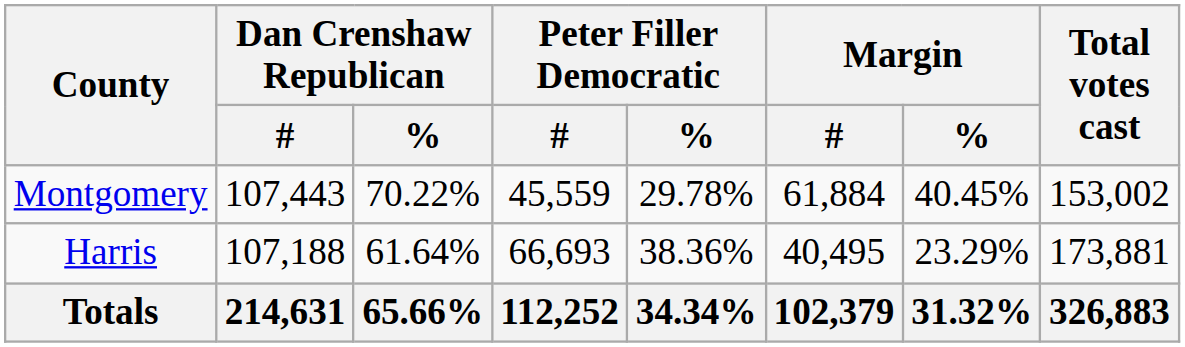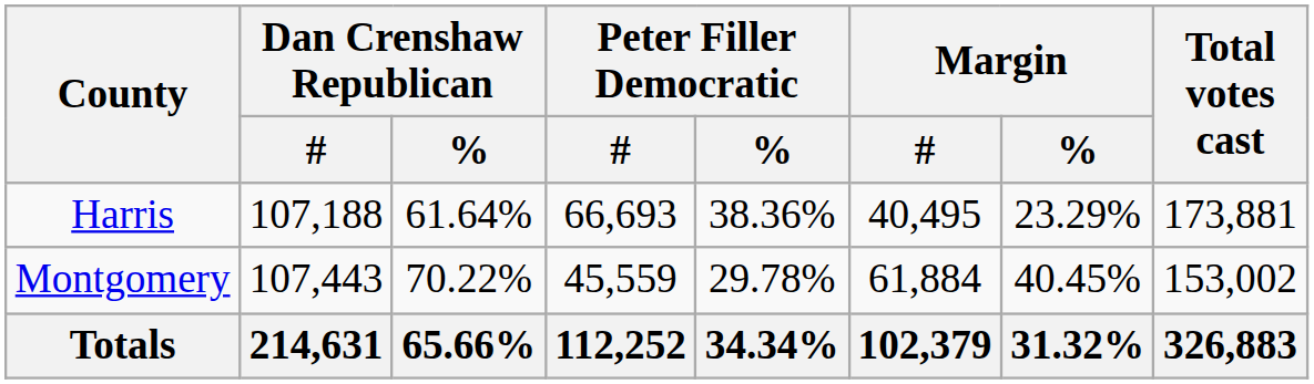 <table width="60%"  class="wikitable sortable" style="text-align:center">
 <tr>
 <th rowspan="2">County</th>
 <th style="text-align:center;" colspan="2">Dan Crenshaw<br>Republican</th>
 <th style="text-align:center;" colspan="2">Peter Filler<br>Democratic</th>
 <th style="text-align:center;" colspan="2">Margin</th>
 <th rowspan="2" style="text-align:center;">Total votes cast</th>
 </tr>
 <tr>
 <th style="text-align:center;" data-sort-type="number">#</th>
 <th style="text-align:center;" data-sort-type="number">%</th>
 <th style="text-align:center;" data-sort-type="number">#</th>
 <th style="text-align:center;" data-sort-type="number">%</th>
 <th style="text-align:center;" data-sort-type="number">#</th>
 <th style="text-align:center;" data-sort-type="number">%</th>
 </tr>
 <tr style="text-align:center;">
+<td style="background-color:"><a href='#'>Harris</a></td>
+<td style="background-color:">107,188</td>
+<td style="background-color:">61.64%</td>
+<td style="color:black;background-color:">66,693</td>
+<td style="color:black;background-color:">38.36%</td>
+<td style="background-color:">40,495</td>
+<td style="background-color:">23.29%</td>
+<td style="background-color:">173,881</td>
+</tr>
+<tr style="text-align:center;">
 <td style="background-color:"><a href='#'>Montgomery</a></td>
 <td style="background-color:">107,443</td>
 <td style="background-color:">70.22%</td>
 <td style="color:black;background-color:">45,559</td>
 <td style="color:black;background-color:">29.78%</td>
 <td style="background-color:">61,884</td>
 <td style="background-color:">40.45%</td>
 <td style="background-color:">153,002</td>
-</tr>
-<tr style="text-align:center;">
-<td style="background-color:"><a href='#'>Harris</a></td>
-<td style="background-color:">107,188</td>
-<td style="background-color:">61.64%</td>
-<td style="color:black;background-color:">66,693</td>
-<td style="color:black;background-color:">38.36%</td>
-<td style="background-color:">40,495</td>
-<td style="background-color:">23.29%</td>
-<td style="background-color:">173,881</td>
 </tr>
 <tr style="text-align:center;">
 <th>Totals</th>
 <th>214,631</th>
 <th>65.66%</th>
 <th>112,252</th>
 <th>34.34%</th>
 <th>102,379</th>
 <th>31.32%</th>
 <th>326,883</th>
 </tr>
 </table>
